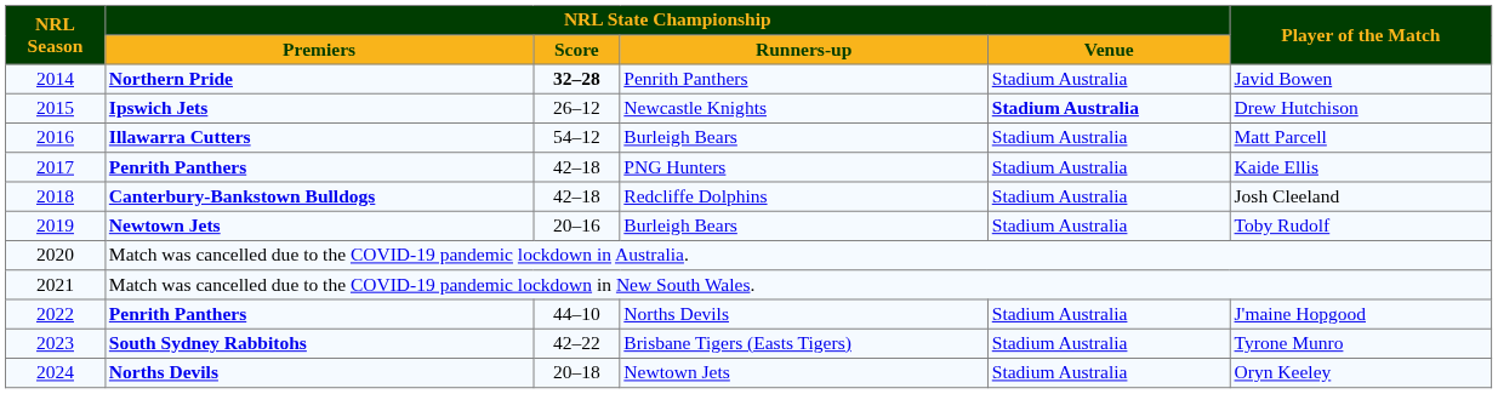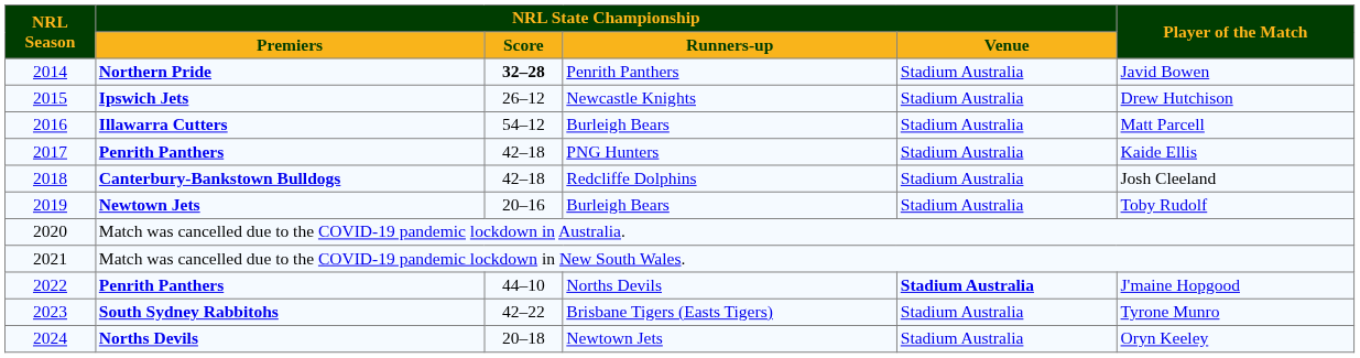 <table border="1" cellpadding="3" cellspacing="0" style="border-collapse:collapse; width:100%;">
 <tr style="background:#003D01;">
 <th rowspan=2 style="color:#F9B41B;">NRL<br>Season</th>
 <th colspan=4 style="color:#F9B41B;">NRL State Championship</th>
 <th rowspan=2 style="color:#F9B41B;">Player of the Match</th>
 </tr>
 <tr style="background:#F9B41B;">
 <th style="color:#003D01;" "width:02%;">Premiers</th>
 <th style="color:#003D01;" "width:08%;">Score</th>
 <th style="color:#003D01;" "width:02%;">Runners-up</th>
 <th style="color:#003D01;" "width:08%;">Venue</th>
 </tr>
 <tr style="background:#f5faff;">
 <td align=center><a href='#'>2014</a></td>
 <td align=left> <strong><a href='#'>Northern Pride</a></strong></td>
 <td style="text-align:center;"><strong>32–28</strong></td>
 <td align=left> <a href='#'>Penrith Panthers</a></td>
 <td align=left><a href='#'>Stadium Australia</a></td>
 <td align=left> <a href='#'>Javid Bowen</a></td>
 </tr>
 <tr style="background:#f5faff;">
 <td align=center><a href='#'>2015</a></td>
 <td align=left> <strong><a href='#'>Ipswich Jets</a></strong></td>
 <td style="text-align:center;">26–12</td>
 <td align=left> <a href='#'>Newcastle Knights</a></td>
-<td align=left><strong><a href='#'>Stadium Australia</a></strong></td>
+<td align=left><a href='#'>Stadium Australia</a></td>
 <td align=left> <a href='#'>Drew Hutchison</a></td>
 </tr>
 <tr style="background:#f5faff;">
 <td align=center><a href='#'>2016</a></td>
 <td align=left><strong> <a href='#'>Illawarra Cutters</a></strong></td>
 <td style="text-align:center;">54–12</td>
 <td align=left> <a href='#'>Burleigh Bears</a></td>
 <td align=left><a href='#'>Stadium Australia</a></td>
 <td align=left><a href='#'>Matt Parcell</a></td>
 </tr>
 <tr style="background:#f5faff;">
 <td align=center><a href='#'>2017</a></td>
 <td align=left><strong> <a href='#'>Penrith Panthers</a></strong></td>
 <td style="text-align:center;">42–18</td>
 <td align=left> <a href='#'>PNG Hunters</a></td>
 <td align=left><a href='#'>Stadium Australia</a></td>
 <td align=left> <a href='#'>Kaide Ellis</a></td>
 </tr>
 <tr style="background:#f5faff;">
 <td align=center><a href='#'>2018</a></td>
 <td align=left><strong> <a href='#'>Canterbury-Bankstown Bulldogs</a></strong></td>
 <td style="text-align:center;">42–18</td>
 <td align=left> <a href='#'>Redcliffe Dolphins</a></td>
 <td align=left><a href='#'>Stadium Australia</a></td>
 <td align=left> Josh Cleeland</td>
 </tr>
 <tr style="background:#f5faff;">
 <td align=center><a href='#'>2019</a></td>
 <td align=left><strong> <a href='#'>Newtown Jets</a></strong></td>
 <td style="text-align:center;">20–16</td>
 <td align=left> <a href='#'>Burleigh Bears</a></td>
 <td align=left><a href='#'>Stadium Australia</a></td>
 <td align=left><a href='#'>Toby Rudolf</a></td>
 </tr>
 <tr style="background:#f5faff;">
 <td style="text-align:center">2020</td>
 <td colspan="5" style="text-align:left">Match was cancelled due to the <a href='#'>COVID-19 pandemic</a> <a href='#'>lockdown in</a> <a href='#'>Australia</a>.</td>
 </tr>
 <tr style="background:#f5faff;">
 <td style="text-align:center">2021</td>
 <td colspan="5" style="text-align:left">Match was cancelled due to the <a href='#'>COVID-19 pandemic lockdown</a> in <a href='#'>New South Wales</a>.</td>
 </tr>
 <tr style="background:#f5faff;">
 <td style="text-align:center"><a href='#'>2022</a></td>
 <td style="text-align:left"> <strong><a href='#'>Penrith Panthers</a></strong></td>
 <td style="text-align:center;">44–10</td>
 <td style="text-align:left"> <a href='#'>Norths Devils</a></td>
-<td style="text-align:left"><a href='#'>Stadium Australia</a></td>
+<td style="text-align:left"><strong><a href='#'>Stadium Australia</a></strong></td>
 <td style="text-align:left"> <a href='#'>J'maine Hopgood</a></td>
 </tr>
 <tr style="background:#f5faff;">
 <td style="text-align:center"><a href='#'>2023</a></td>
 <td style="text-align:left"> <strong><a href='#'>South Sydney Rabbitohs</a></strong></td>
 <td style="text-align:center">42–22</td>
 <td style="text-align:left"> <a href='#'>Brisbane Tigers (Easts Tigers)</a></td>
 <td style="text-align:left"><a href='#'>Stadium Australia</a></td>
 <td style="text-align:left"> <a href='#'>Tyrone Munro</a></td>
 </tr>
 <tr style="background:#f5faff;">
 <td style="text-align:center"><a href='#'>2024</a></td>
 <td style="text-align:left"><strong> <a href='#'>Norths Devils</a></strong></td>
 <td style="text-align:center">20–18</td>
 <td style="text-align:left"> <a href='#'>Newtown Jets</a></td>
 <td style="text-align:left"><a href='#'>Stadium Australia</a></td>
 <td style="text-align:left"> <a href='#'>Oryn Keeley</a></td>
 </tr>
 </table>
